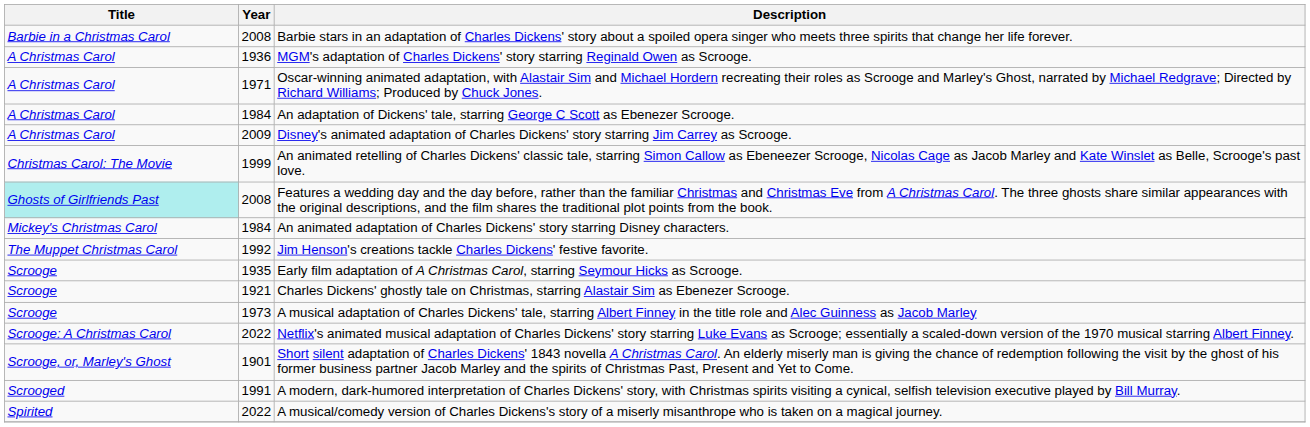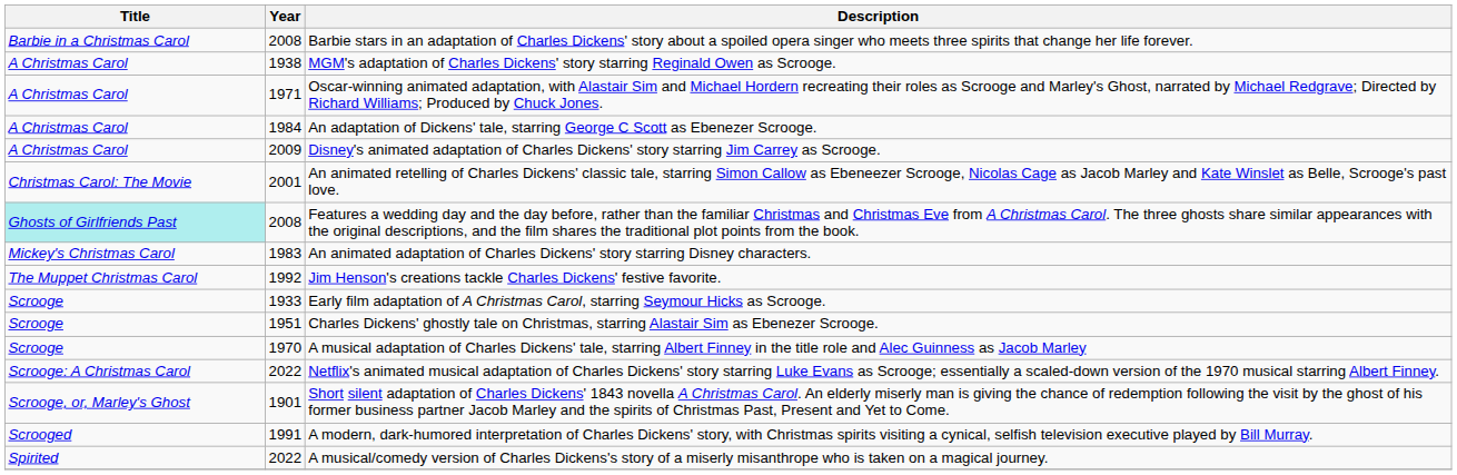 <table class="wikitable sortable">
 <tr>
 <th width="18%">Title</th>
 <th>Year</th>
 <th class="unsortable">Description</th>
 </tr>
 <tr>
 <td><em><a href='#'>Barbie in a Christmas Carol</a></em></td>
 <td>2008</td>
 <td>Barbie stars in an adaptation of <a href='#'>Charles Dickens</a>' story about a spoiled opera singer who meets three spirits that change her life forever.</td>
 </tr>
 <tr>
 <td><em><a href='#'>A Christmas Carol</a></em></td>
-<td>1936</td>
+<td>1938</td>
 <td><a href='#'>MGM</a>'s adaptation of <a href='#'>Charles Dickens</a>' story starring <a href='#'>Reginald Owen</a> as Scrooge.</td>
 </tr>
 <tr>
 <td><em><a href='#'>A Christmas Carol</a></em></td>
 <td>1971</td>
 <td>Oscar-winning animated adaptation, with <a href='#'>Alastair Sim</a> and <a href='#'>Michael Hordern</a> recreating their roles as Scrooge and Marley's Ghost, narrated by <a href='#'>Michael Redgrave</a>; Directed by <a href='#'>Richard Williams</a>; Produced by <a href='#'>Chuck Jones</a>.</td>
 </tr>
 <tr>
 <td><em><a href='#'>A Christmas Carol</a></em></td>
 <td>1984</td>
 <td>An adaptation of Dickens' tale, starring <a href='#'>George C Scott</a> as Ebenezer Scrooge.</td>
 </tr>
 <tr>
 <td><em><a href='#'>A Christmas Carol</a></em></td>
 <td>2009</td>
 <td><a href='#'>Disney</a>'s animated adaptation of Charles Dickens' story starring <a href='#'>Jim Carrey</a> as Scrooge.</td>
 </tr>
 <tr>
 <td><em><a href='#'>Christmas Carol: The Movie</a></em></td>
-<td>1999</td>
+<td>2001</td>
 <td>An animated retelling of Charles Dickens' classic tale, starring <a href='#'>Simon Callow</a> as Ebeneezer Scrooge, <a href='#'>Nicolas Cage</a> as Jacob Marley and <a href='#'>Kate Winslet</a> as Belle, Scrooge's past love.</td>
 </tr>
 <tr>
 <td style="background: paleturquoise;"><em><a href='#'>Ghosts of Girlfriends Past</a></em></td>
 <td>2008</td>
 <td>Features a wedding day and the day before, rather than the familiar <a href='#'>Christmas</a> and <a href='#'>Christmas Eve</a> from <em><a href='#'>A Christmas Carol</a></em>. The three ghosts share similar appearances with the original descriptions, and the film shares the traditional plot points from the book.</td>
 </tr>
 <tr>
 <td><em><a href='#'>Mickey's Christmas Carol</a></em></td>
-<td>1984</td>
+<td>1983</td>
 <td>An animated adaptation of Charles Dickens' story starring Disney characters.</td>
 </tr>
 <tr>
 <td><em><a href='#'>The Muppet Christmas Carol</a></em></td>
 <td>1992</td>
 <td><a href='#'>Jim Henson</a>'s creations tackle <a href='#'>Charles Dickens</a>' festive favorite.</td>
 </tr>
 <tr>
 <td><em><a href='#'>Scrooge</a></em></td>
-<td>1935</td>
+<td>1933</td>
 <td>Early film adaptation of <em>A Christmas Carol</em>, starring <a href='#'>Seymour Hicks</a> as Scrooge.</td>
 </tr>
 <tr>
 <td><em><a href='#'>Scrooge</a></em></td>
-<td>1921</td>
+<td>1951</td>
 <td>Charles Dickens' ghostly tale on Christmas, starring <a href='#'>Alastair Sim</a> as Ebenezer Scrooge.</td>
 </tr>
 <tr>
 <td><em><a href='#'>Scrooge</a></em></td>
-<td>1973</td>
+<td>1970</td>
 <td>A musical adaptation of Charles Dickens' tale, starring <a href='#'>Albert Finney</a> in the title role and <a href='#'>Alec Guinness</a> as <a href='#'>Jacob Marley</a></td>
 </tr>
 <tr>
 <td><em><a href='#'>Scrooge: A Christmas Carol</a></em></td>
 <td>2022</td>
 <td><a href='#'>Netflix</a>'s animated musical adaptation of Charles Dickens' story starring <a href='#'>Luke Evans</a> as Scrooge; essentially a scaled-down version of the 1970 musical starring <a href='#'>Albert Finney</a>.</td>
 </tr>
 <tr>
 <td><em><a href='#'>Scrooge, or, Marley's Ghost</a></em></td>
 <td>1901</td>
 <td><a href='#'>Short</a> <a href='#'>silent</a> adaptation of <a href='#'>Charles Dickens</a>' 1843 novella <em><a href='#'>A Christmas Carol</a></em>. An elderly miserly man is giving the chance of redemption following the visit by the ghost of his former business partner Jacob Marley and the spirits of Christmas Past, Present and Yet to Come.</td>
 </tr>
 <tr>
 <td><em><a href='#'>Scrooged</a></em></td>
 <td>1991</td>
 <td>A modern, dark-humored interpretation of Charles Dickens' story, with Christmas spirits visiting a cynical, selfish television executive played by <a href='#'>Bill Murray</a>.</td>
 </tr>
 <tr>
 <td><em><a href='#'>Spirited</a></em></td>
 <td>2022</td>
 <td>A musical/comedy version of Charles Dickens's story of a miserly misanthrope who is taken on a magical journey.</td>
 </tr>
 <tr>
 </tr>
 </table>
